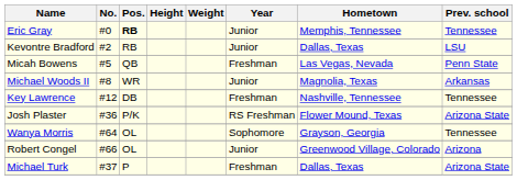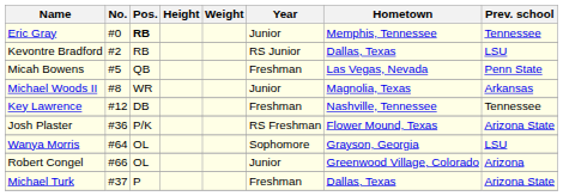 <table class="wikitable sortable">
 <tr>
 <th>Name</th>
 <th>No.</th>
 <th>Pos.</th>
 <th>Height</th>
 <th>Weight</th>
 <th>Year</th>
 <th>Hometown</th>
 <th class="unsortable">Prev. school</th>
 </tr>
 <tr style="background:#FFFFE6;">
 <td><a href='#'>Eric Gray</a></td>
 <td>#0</td>
 <td><strong>RB</strong></td>
 <td></td>
 <td></td>
 <td>Junior</td>
 <td><a href='#'>Memphis, Tennessee</a></td>
 <td><a href='#'>Tennessee</a></td>
 </tr>
 <tr>
 </tr>
 <tr style="background:#FFFFE6;">
 <td>Kevontre Bradford</td>
 <td>#2</td>
 <td>RB</td>
 <td></td>
 <td></td>
-<td>Junior</td>
+<td>RS Junior</td>
 <td><a href='#'>Dallas, Texas</a></td>
 <td><a href='#'>LSU</a></td>
 </tr>
 <tr>
 </tr>
 <tr style="background:#FFFFE6;">
 <td>Micah Bowens</td>
 <td>#5</td>
 <td>QB</td>
 <td></td>
 <td></td>
 <td>Freshman</td>
 <td><a href='#'>Las Vegas, Nevada</a></td>
 <td><a href='#'>Penn State</a></td>
 </tr>
 <tr>
 </tr>
 <tr style="background:#FFFFE6;">
 <td><a href='#'>Michael Woods II</a></td>
 <td>#8</td>
 <td>WR</td>
 <td></td>
 <td></td>
 <td>Junior</td>
 <td><a href='#'>Magnolia, Texas</a></td>
 <td><a href='#'>Arkansas</a></td>
 </tr>
 <tr>
 </tr>
 <tr style="background:#FFFFE6;">
 <td><a href='#'>Key Lawrence</a></td>
 <td>#12</td>
 <td>DB</td>
 <td></td>
 <td></td>
 <td>Freshman</td>
 <td><a href='#'>Nashville, Tennessee</a></td>
 <td>Tennessee</td>
 </tr>
 <tr>
 </tr>
 <tr style="background:#FFFFE6;">
 <td>Josh Plaster</td>
 <td>#36</td>
 <td>P/K</td>
 <td></td>
 <td></td>
 <td>RS Freshman</td>
 <td><a href='#'>Flower Mound, Texas</a></td>
 <td><a href='#'>Arizona State</a></td>
 </tr>
 <tr>
 </tr>
 <tr style="background:#FFFFE6;">
 <td><a href='#'>Wanya Morris</a></td>
 <td>#64</td>
 <td>OL</td>
 <td></td>
 <td></td>
 <td>Sophomore</td>
 <td><a href='#'>Grayson, Georgia</a></td>
-<td>Tennessee</td>
+<td><a href='#'>LSU</a></td>
 </tr>
 <tr>
 </tr>
 <tr style="background:#FFFFE6;">
 <td>Robert Congel</td>
 <td>#66</td>
 <td>OL</td>
 <td></td>
 <td></td>
 <td>Junior</td>
 <td><a href='#'>Greenwood Village, Colorado</a></td>
 <td><a href='#'>Arizona</a></td>
 </tr>
 <tr>
 </tr>
 <tr style="background:#FFFFE6;">
 <td><a href='#'>Michael Turk</a></td>
 <td>#37</td>
 <td>P</td>
 <td></td>
 <td></td>
 <td>Freshman</td>
 <td><a href='#'>Dallas, Texas</a></td>
 <td><a href='#'>Arizona State</a></td>
 </tr>
 <tr>
 </tr>
 </table>
